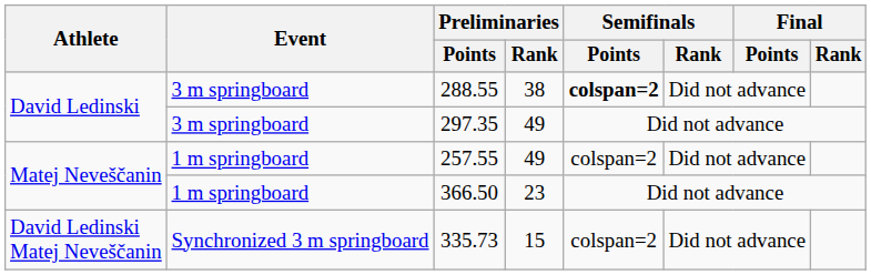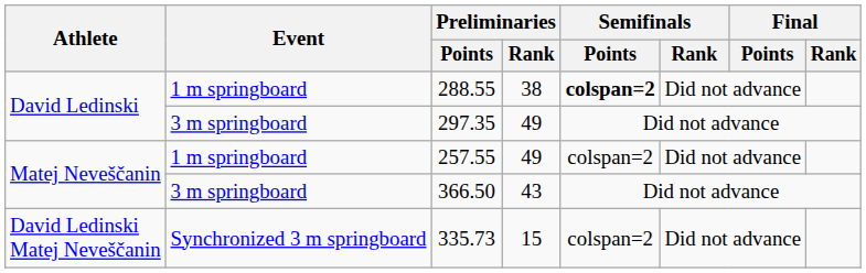 <table class="wikitable" style="text-align:center; font-size:90%">
 <tr>
 <th rowspan=2>Athlete</th>
 <th rowspan=2>Event</th>
 <th colspan=2>Preliminaries</th>
 <th colspan=2>Semifinals</th>
 <th colspan=2>Final</th>
 </tr>
 <tr style="font-size:95%">
 <th>Points</th>
 <th>Rank</th>
 <th>Points</th>
 <th>Rank</th>
 <th>Points</th>
 <th>Rank</th>
 </tr>
 <tr>
 <td align=left rowspan=2><a href='#'>David Ledinski</a></td>
-<td align=left><a href='#'>3 m springboard</a></td>
+<td align=left><a href='#'>1 m springboard</a></td>
 <td>288.55</td>
 <td>38</td>
 <td><strong>colspan=2 </strong></td>
 <td colspan=2>Did not advance</td>
 </tr>
 <tr>
 <td align=left><a href='#'>3 m springboard</a></td>
 <td>297.35</td>
 <td>49</td>
 <td colspan=4>Did not advance</td>
 </tr>
 <tr>
 <td align=left rowspan=2><a href='#'>Matej Neveščanin</a></td>
 <td align=left><a href='#'>1 m springboard</a></td>
 <td>257.55</td>
 <td>49</td>
 <td>colspan=2 </td>
 <td colspan=2>Did not advance</td>
 </tr>
 <tr>
-<td align=left><a href='#'>1 m springboard</a></td>
+<td align=left><a href='#'>3 m springboard</a></td>
 <td>366.50</td>
-<td>23</td>
+<td>43</td>
 <td colspan=4>Did not advance</td>
 </tr>
 <tr>
 <td align=left><a href='#'>David Ledinski</a> <br> <a href='#'>Matej Neveščanin</a></td>
 <td align=left><a href='#'>Synchronized 3 m springboard</a></td>
 <td>335.73</td>
 <td>15</td>
 <td>colspan=2 </td>
 <td colspan=2>Did not advance</td>
 </tr>
 </table>
